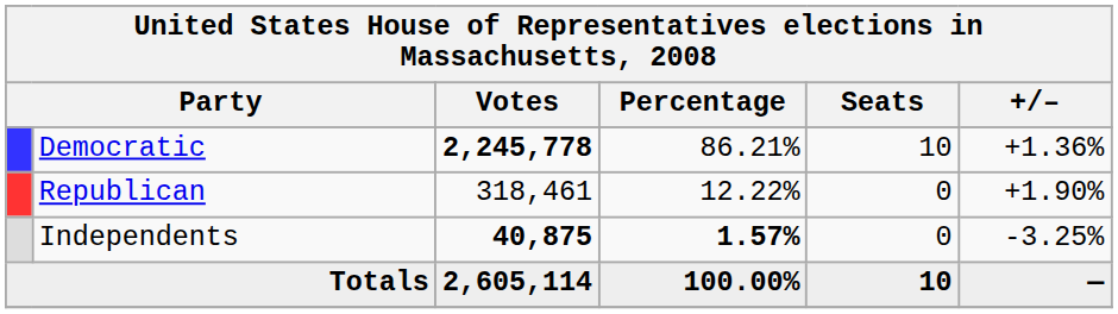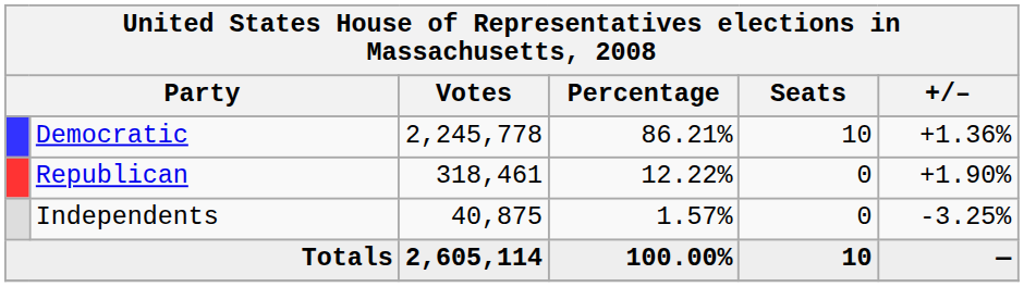 <table class="wikitable" style="font-size: 95%;">
 <tr>
 <th colspan="6">United States House of Representatives elections in Massachusetts, 2008</th>
 </tr>
 <tr>
 <th colspan=2 style="width: 15em">Party</th>
 <th style="width: 5em">Votes</th>
 <th style="width: 7em">Percentage</th>
 <th style="width: 5em">Seats</th>
 <th style="width: 5em">+/–</th>
 </tr>
 <tr>
 <th style="background-color:#3333FF; width: 3px"></th>
 <td style="width: 130px"><a href='#'>Democratic</a></td>
-<td align="right"><strong>2,245,778</strong></td>
+<td align="right">2,245,778</td>
 <td align="right">86.21%</td>
 <td align="right">10</td>
 <td align="right">+1.36%</td>
 </tr>
 <tr>
 <th style="background-color:#FF3333; width: 3px"></th>
 <td style="width: 130px"><a href='#'>Republican</a></td>
 <td align="right">318,461</td>
 <td align="right">12.22%</td>
 <td align="right">0</td>
 <td align="right">+1.90%</td>
 </tr>
 <tr>
 <th style="background-color:#DDDDDD; width: 3px"></th>
 <td style="width: 130px">Independents</td>
-<td align="right"><strong>40,875</strong></td>
-<td align="right"><strong>1.57%</strong></td>
+<td align="right">40,875</td>
+<td align="right">1.57%</td>
 <td align="right">0</td>
 <td align="right">-3.25%</td>
 </tr>
 <tr bgcolor="#EEEEEE">
 <td colspan="2" align="right"><strong>Totals</strong></td>
 <td align="right"><strong>2,605,114</strong></td>
 <td align="right"><strong>100.00%</strong></td>
 <td align="right"><strong>10</strong></td>
 <td align="right"><strong>—</strong></td>
 </tr>
 <tr bgcolor="#EEEEEE">
 </tr>
 </table>
